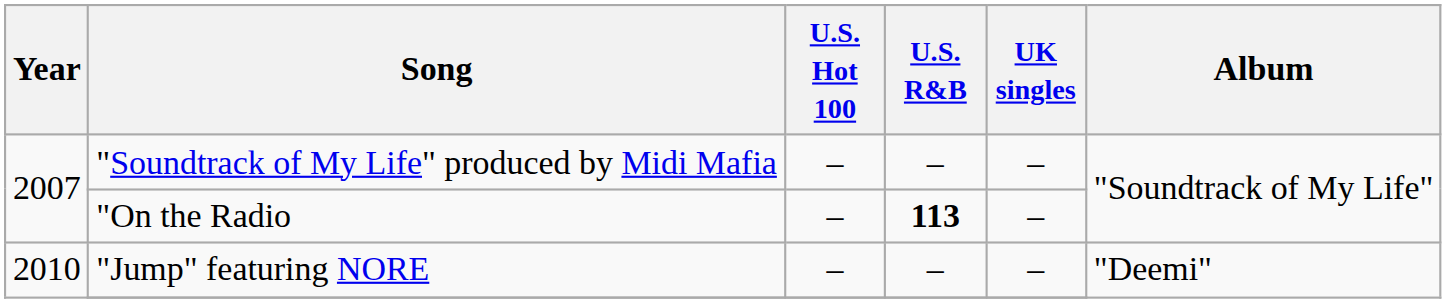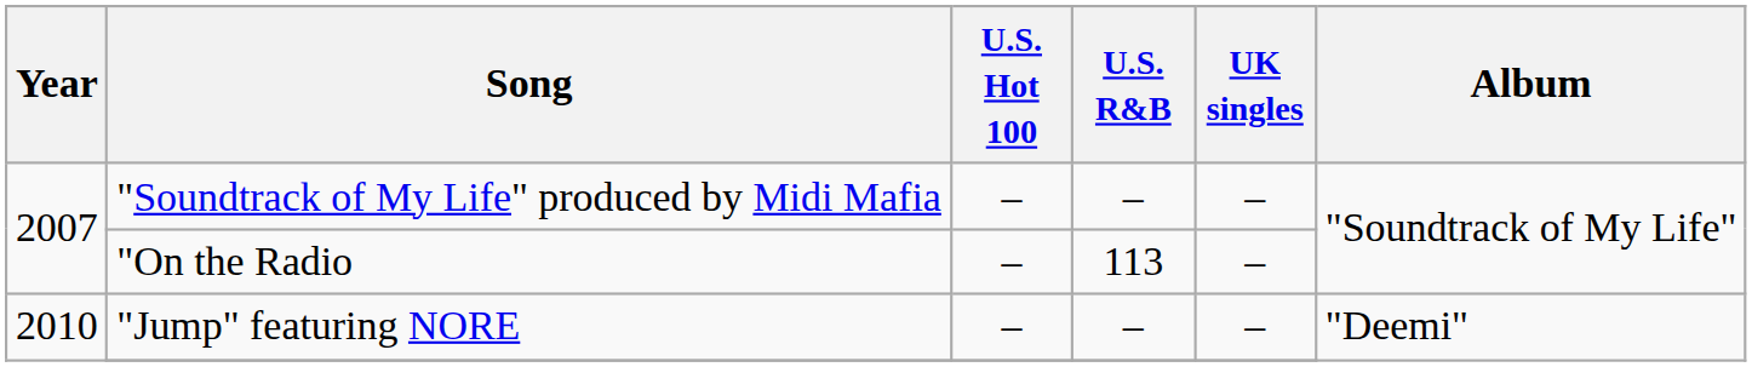 <table class="wikitable">
 <tr>
 <th>Year</th>
 <th>Song</th>
 <th width="40"><small><a href='#'>U.S. Hot 100</a></small></th>
 <th width="40"><small><a href='#'>U.S. R&B</a></small></th>
 <th width="40"><small><a href='#'>UK singles</a></small></th>
 <th>Album</th>
 </tr>
 <tr>
 <td rowspan="2">2007</td>
 <td>"<a href='#'>Soundtrack of My Life</a>" produced by <a href='#'>Midi Mafia</a></td>
 <td align="center">–</td>
 <td align="center">–</td>
 <td align="center">–</td>
 <td rowspan="2">"Soundtrack of My Life"</td>
 </tr>
 <tr>
 <td>"On the Radio</td>
 <td align="center">–</td>
-<td align="center"><strong>113</strong></td>
+<td align="center">113</td>
 <td align="center">–</td>
 </tr>
 <tr>
 <td rowspan="2">2010</td>
 <td>"Jump" featuring <a href='#'>NORE</a></td>
 <td align="center">–</td>
 <td align="center">–</td>
 <td align="center">–</td>
 <td rowspan="2">"Deemi"</td>
 </tr>
 <tr>
 </tr>
 </table>
